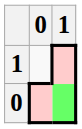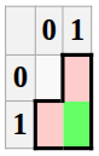 <table class="wikitable" style="float:right;font-size:150%;">
 <tr>
 <th></th>
 <th>0</th>
 <th>1</th>
 </tr>
 <tr>
-<th>1</th>
+<th>0</th>
 <td></td>
 <td style="background:#ffcccc;border:solid;border-bottom:none;"></td>
 </tr>
 <tr>
-<th>0</th>
+<th>1</th>
 <td style="background:#ffcccc;border:solid;border-right:none;"></td>
 <td style="background:#66ff66;border:solid;border-top:none;border-left:none;"></td>
 </tr>
 </table>
